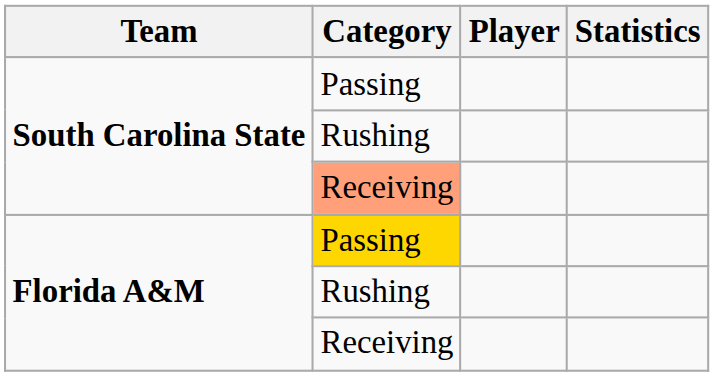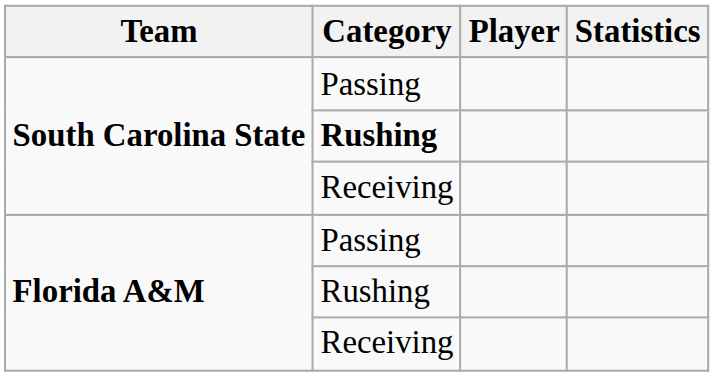 <table class="wikitable" style="float: left;">
 <tr>
 <th>Team</th>
 <th>Category</th>
 <th>Player</th>
 <th>Statistics</th>
 </tr>
 <tr>
 <td rowspan=3><strong>South Carolina State</strong></td>
 <td>Passing</td>
 <td> </td>
 <td> </td>
 </tr>
 <tr>
-<td>Rushing</td>
+<td><strong>Rushing</strong></td>
 <td> </td>
 <td> </td>
 </tr>
 <tr>
-<td style="background: lightsalmon;">Receiving</td>
+<td>Receiving</td>
 <td> </td>
 <td> </td>
 </tr>
 <tr>
 <td rowspan=3><strong>Florida A&M</strong></td>
-<td style="background: gold;">Passing</td>
+<td>Passing</td>
 <td> </td>
 <td> </td>
 </tr>
 <tr>
 <td>Rushing</td>
 <td> </td>
 <td> </td>
 </tr>
 <tr>
 <td>Receiving</td>
 <td> </td>
 <td> </td>
 </tr>
 </table>
